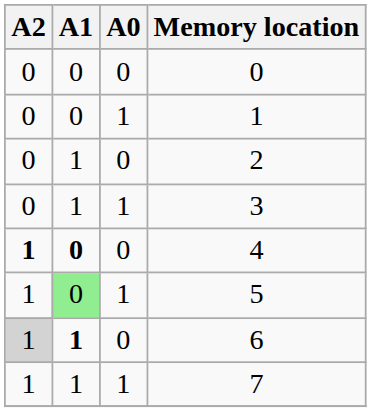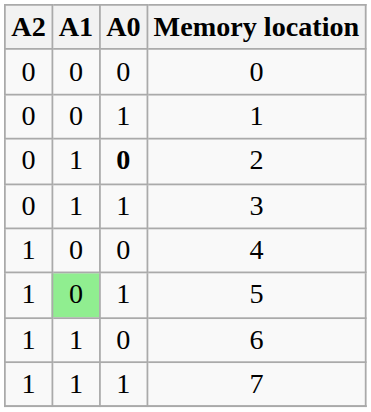 <table class="wikitable" style="text-align:center">
 <tr>
 <th>A2</th>
 <th>A1</th>
 <th>A0</th>
 <th>Memory location</th>
 </tr>
 <tr>
 <td>0</td>
 <td>0</td>
 <td>0</td>
 <td>0</td>
 </tr>
 <tr>
 <td>0</td>
 <td>0</td>
 <td>1</td>
 <td>1</td>
 </tr>
 <tr>
 <td>0</td>
 <td>1</td>
-<td>0</td>
+<td><strong>0</strong></td>
 <td>2</td>
 </tr>
 <tr>
 <td>0</td>
 <td>1</td>
 <td>1</td>
 <td>3</td>
 </tr>
 <tr>
-<td><strong>1</strong></td>
-<td><strong>0</strong></td>
+<td>1</td>
+<td>0</td>
 <td>0</td>
 <td>4</td>
 </tr>
 <tr>
 <td>1</td>
 <td style="background: lightgreen;">0</td>
 <td>1</td>
 <td>5</td>
 </tr>
 <tr>
-<td style="background: lightgrey;">1</td>
-<td><strong>1</strong></td>
+<td>1</td>
+<td>1</td>
 <td>0</td>
 <td>6</td>
 </tr>
 <tr>
 <td>1</td>
 <td>1</td>
 <td>1</td>
 <td>7</td>
 </tr>
 <tr>
 </tr>
 </table>
